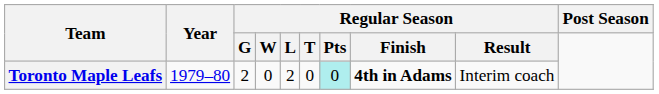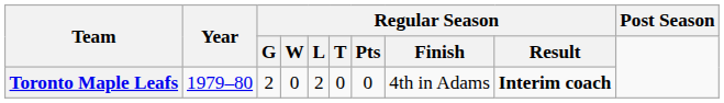 <table class="wikitable" style="font-size: 95%; text-align:center;">
 <tr>
 <th rowspan="2">Team</th>
 <th rowspan="2">Year</th>
 <th colspan="7">Regular Season</th>
 <th colspan="1">Post Season</th>
 </tr>
 <tr>
 <th>G</th>
 <th>W</th>
 <th>L</th>
 <th>T</th>
 <th>Pts</th>
 <th>Finish</th>
 <th>Result</th>
 </tr>
 <tr>
 <th><a href='#'>Toronto Maple Leafs</a></th>
 <td><a href='#'>1979–80</a></td>
 <td>2</td>
 <td>0</td>
 <td>2</td>
 <td>0</td>
-<td style="background: paleturquoise;">0</td>
-<td><strong>4th in Adams</strong></td>
-<td>Interim coach</td>
+<td>0</td>
+<td>4th in Adams</td>
+<td><strong>Interim coach</strong></td>
 </tr>
 </table>
